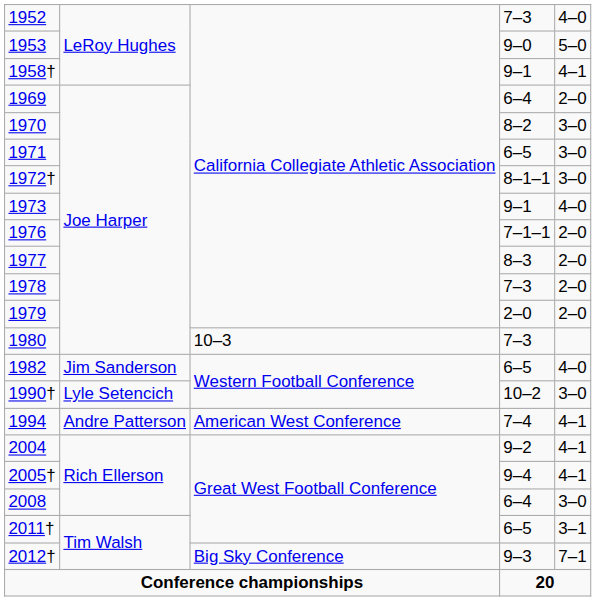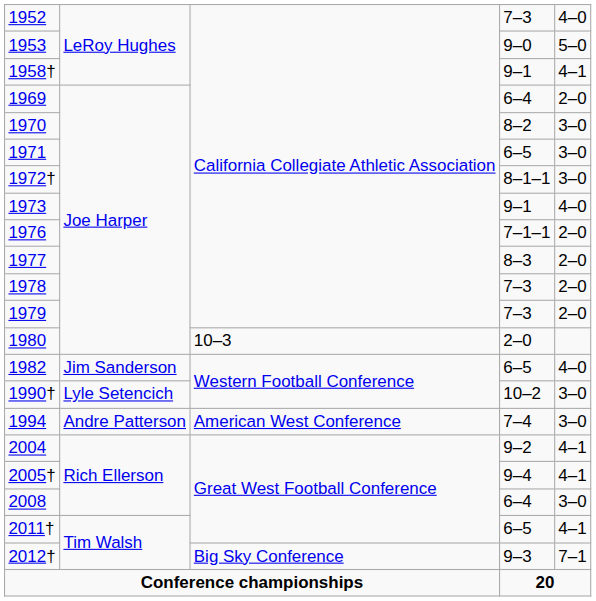 <table class="wikitable">
 <tr>
 <td><a href='#'>1952</a></td>
 <td rowspan="3"><a href='#'>LeRoy Hughes</a></td>
 <td rowspan="12"><a href='#'>California Collegiate Athletic Association</a></td>
 <td>7–3</td>
 <td>4–0</td>
 </tr>
 <tr>
 <td><a href='#'>1953</a></td>
 <td>9–0</td>
 <td>5–0</td>
 </tr>
 <tr>
 <td><a href='#'>1958</a>†</td>
 <td>9–1</td>
 <td>4–1</td>
 </tr>
 <tr>
 <td><a href='#'>1969</a></td>
 <td rowspan="10"><a href='#'>Joe Harper</a></td>
 <td>6–4</td>
 <td>2–0</td>
 </tr>
 <tr>
 <td><a href='#'>1970</a></td>
 <td>8–2</td>
 <td>3–0</td>
 </tr>
 <tr>
 <td><a href='#'>1971</a></td>
 <td>6–5</td>
 <td>3–0</td>
 </tr>
 <tr>
 <td><a href='#'>1972</a>†</td>
 <td>8–1–1</td>
 <td>3–0</td>
 </tr>
 <tr>
 <td><a href='#'>1973</a></td>
 <td>9–1</td>
 <td>4–0</td>
 </tr>
 <tr>
 <td><a href='#'>1976</a></td>
 <td>7–1–1</td>
 <td>2–0</td>
 </tr>
 <tr>
 <td><a href='#'>1977</a></td>
 <td>8–3</td>
 <td>2–0</td>
 </tr>
 <tr>
 <td><a href='#'>1978</a></td>
 <td>7–3</td>
 <td>2–0</td>
 </tr>
 <tr>
 <td><a href='#'>1979</a></td>
-<td>2–0</td>
+<td>7–3</td>
 <td>2–0</td>
 </tr>
 <tr>
 <td><a href='#'>1980</a></td>
 <td>10–3</td>
-<td>7–3</td>
+<td>2–0</td>
 </tr>
 <tr>
 <td><a href='#'>1982</a></td>
 <td><a href='#'>Jim Sanderson</a></td>
 <td rowspan="2"><a href='#'>Western Football Conference</a></td>
 <td>6–5</td>
 <td>4–0</td>
 </tr>
 <tr>
 <td><a href='#'>1990</a>†</td>
 <td><a href='#'>Lyle Setencich</a></td>
 <td>10–2</td>
 <td>3–0</td>
 </tr>
 <tr>
 <td><a href='#'>1994</a></td>
 <td><a href='#'>Andre Patterson</a></td>
 <td><a href='#'>American West Conference</a></td>
 <td>7–4</td>
-<td>4–1</td>
+<td>3–0</td>
 </tr>
 <tr>
 <td><a href='#'>2004</a></td>
 <td rowspan="3"><a href='#'>Rich Ellerson</a></td>
 <td rowspan="4"><a href='#'>Great West Football Conference</a></td>
 <td>9–2</td>
 <td>4–1</td>
 </tr>
 <tr>
 <td><a href='#'>2005</a>†</td>
 <td>9–4</td>
 <td>4–1</td>
 </tr>
 <tr>
 <td><a href='#'>2008</a></td>
 <td>6–4</td>
 <td>3–0</td>
 </tr>
 <tr>
 <td><a href='#'>2011</a>†</td>
 <td rowspan="2"><a href='#'>Tim Walsh</a></td>
 <td>6–5</td>
-<td>3–1</td>
+<td>4–1</td>
 </tr>
 <tr>
 <td><a href='#'>2012</a>†</td>
 <td><a href='#'>Big Sky Conference</a></td>
 <td>9–3</td>
 <td>7–1</td>
 </tr>
 <tr align="center">
 <td colspan=3><strong>Conference championships</strong></td>
 <td colspan=3><strong>20</strong></td>
 </tr>
 </table>
